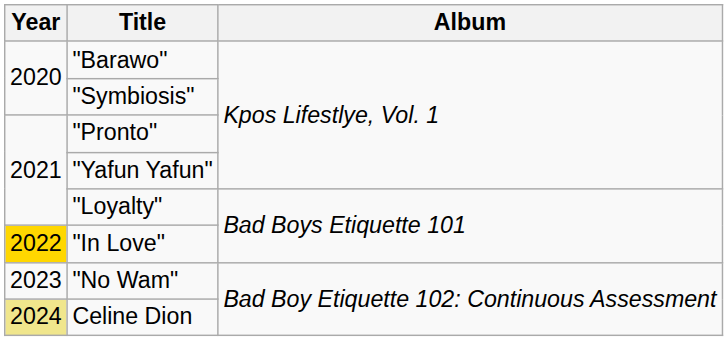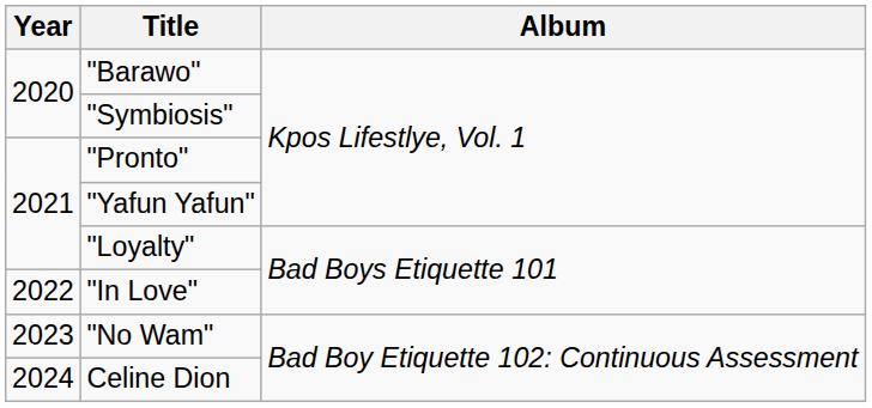 <table class="wikitable">
 <tr>
 <th>Year</th>
 <th>Title</th>
 <th>Album</th>
 </tr>
 <tr>
 <td rowspan="2">2020</td>
 <td>"Barawo"</td>
 <td rowspan="4"><em>Kpos Lifestlye, Vol. 1</em></td>
 </tr>
 <tr>
 <td>"Symbiosis"</td>
 </tr>
 <tr>
 <td rowspan="3">2021</td>
 <td>"Pronto"</td>
 </tr>
 <tr>
 <td>"Yafun Yafun"</td>
 </tr>
 <tr>
 <td>"Loyalty"</td>
 <td rowspan="2"><em>Bad Boys Etiquette 101</em></td>
 </tr>
 <tr>
-<td style="background: gold;">2022</td>
+<td>2022</td>
 <td>"In Love"<br></td>
 </tr>
 <tr>
 <td>2023</td>
 <td>"No Wam"</td>
 <td rowspan="2"><em>Bad Boy Etiquette 102: Continuous Assessment</em></td>
 </tr>
 <tr>
-<td style="background: khaki;">2024</td>
+<td>2024</td>
 <td>Celine Dion<br></td>
 </tr>
 </table>
